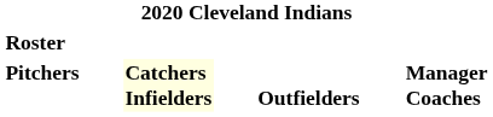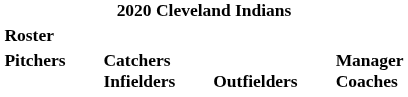 <table class="toccolours" style="font-size: 95%;">
 <tr>
 <th colspan="10">2020 Cleveland Indians</th>
 </tr>
 <tr>
 <td colspan="10"><strong>Roster</strong></td>
 </tr>
 <tr>
 <td valign="top"><strong>Pitchers</strong><br>                 </td>
 <td width="25px"></td>
-<td valign="top" style="background: lightyellow;"><strong>Catchers</strong><br>    <strong>Infielders</strong>       </td>
+<td valign="top"><strong>Catchers</strong><br>    <strong>Infielders</strong>       </td>
 <td width="25px"></td>
 <td valign="top"><br><strong>Outfielders</strong>          </td>
 <td width="25px"></td>
 <td valign="top"><strong>Manager</strong><br> <strong>Coaches</strong>                              </td>
 </tr>
 </table>
